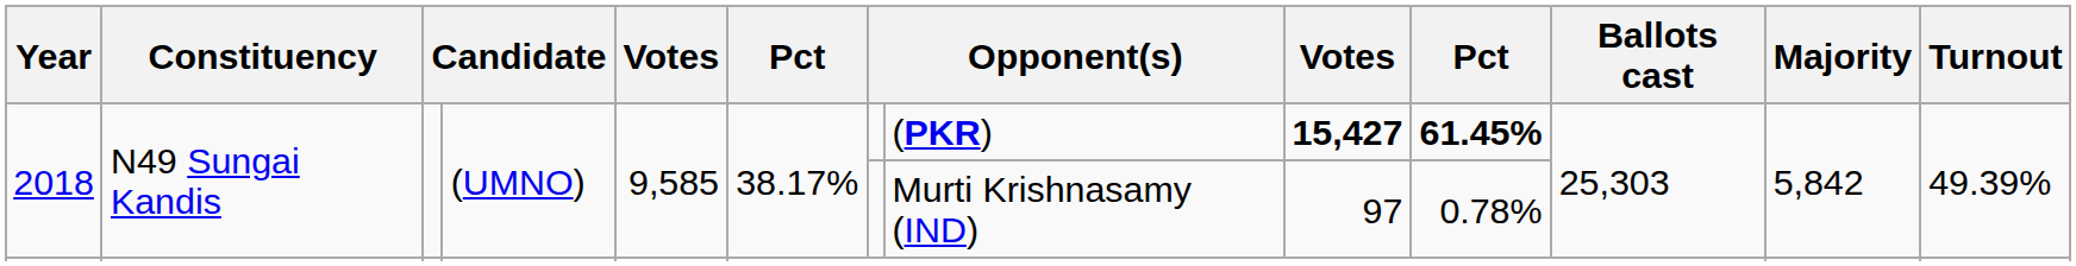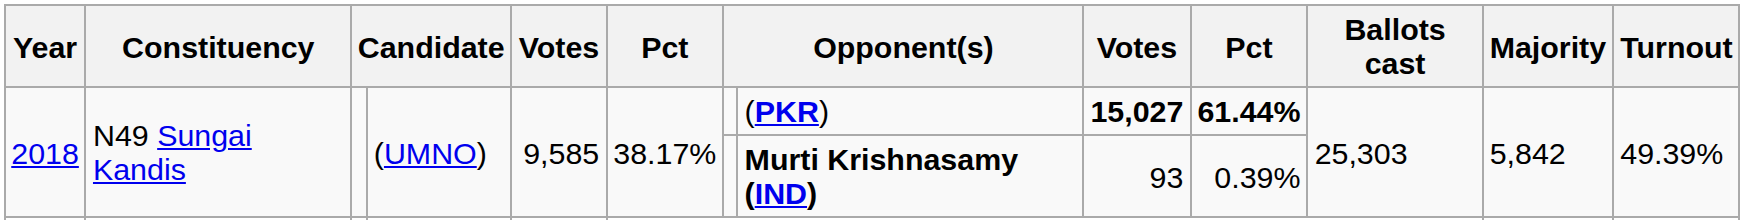 <table class="wikitable" style="margin:0.5em ; font-size:95%">
 <tr>
 <th>Year</th>
 <th>Constituency</th>
 <th colspan=2>Candidate</th>
 <th>Votes</th>
 <th>Pct</th>
 <th colspan=2>Opponent(s)</th>
 <th>Votes</th>
 <th>Pct</th>
 <th>Ballots cast</th>
 <th>Majority</th>
 <th>Turnout</th>
 </tr>
 <tr>
 <td rowspan=3><a href='#'>2018</a></td>
 <td rowspan=3>N49 <a href='#'>Sungai Kandis</a></td>
 <td rowspan=3 ></td>
 <td rowspan=3> (<a href='#'>UMNO</a>)</td>
 <td rowspan=3 align=right>9,585</td>
 <td rowspan=3>38.17%</td>
 <td></td>
 <td> (<a href='#'><strong>PKR</strong></a>)</td>
-<td align=right><strong>15,427</strong></td>
-<td><strong>61.45%</strong></td>
+<td align=right><strong>15,027</strong></td>
+<td><strong>61.44%</strong></td>
 <td rowspan=3>25,303</td>
 <td rowspan=3>5,842</td>
 <td rowspan=3>49.39%</td>
 </tr>
 <tr>
 <td></td>
-<td>Murti Krishnasamy (<a href='#'>IND</a>)</td>
-<td align=right>97</td>
-<td align=right>0.78%</td>
+<td><strong>Murti Krishnasamy (<a href='#'>IND</a>)</strong></td>
+<td align=right>93</td>
+<td align=right>0.39%</td>
 </tr>
 <tr>
 </tr>
 </table>
